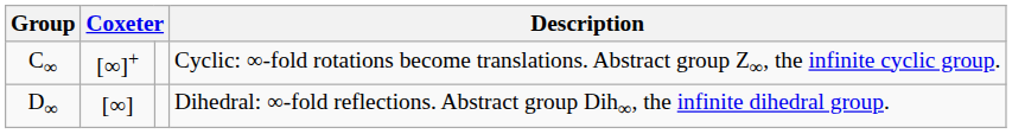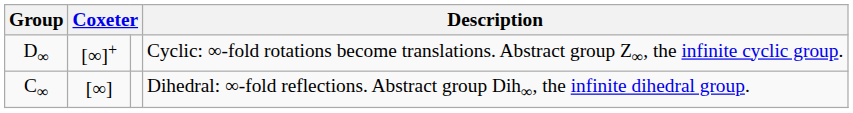 <table class="wikitable">
 <tr>
 <th>Group</th>
 <th colspan=2><a href='#'>Coxeter</a></th>
 <th>Description</th>
 </tr>
 <tr>
-<td align=center>C<sub>∞</sub></td>
+<td align=center>D<sub>∞</sub></td>
 <td align=center>[∞]<sup>+</sup></td>
 <td align=center></td>
 <td>Cyclic: ∞-fold rotations become translations. Abstract group Z<sub>∞</sub>, the <a href='#'>infinite cyclic group</a>.</td>
 </tr>
 <tr>
-<td align=center>D<sub>∞</sub></td>
+<td align=center>C<sub>∞</sub></td>
 <td align=center>[∞]</td>
 <td align=center></td>
 <td>Dihedral: ∞-fold reflections. Abstract group Dih<sub>∞</sub>, the <a href='#'>infinite dihedral group</a>.</td>
 </tr>
 </table>
